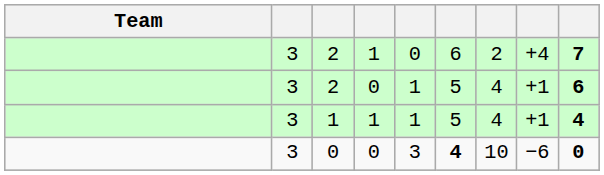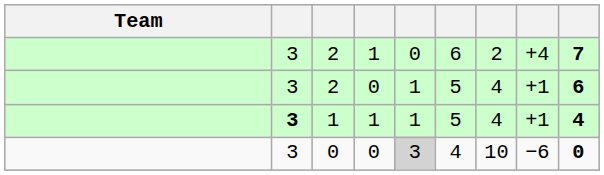 <table class="wikitable" style="text-align:center">
 <tr>
 <th width=165>Team</th>
 <th width=20></th>
 <th width=20></th>
 <th width=20></th>
 <th width=20></th>
 <th width=20></th>
 <th width=20></th>
 <th width=20></th>
 <th width=20></th>
 </tr>
 <tr style="background:#cfc;">
 <td align=left></td>
 <td>3</td>
 <td>2</td>
 <td>1</td>
 <td>0</td>
 <td>6</td>
 <td>2</td>
 <td>+4</td>
 <td><strong>7</strong></td>
 </tr>
 <tr style="background:#cfc;">
 <td align=left></td>
 <td>3</td>
 <td>2</td>
 <td>0</td>
 <td>1</td>
 <td>5</td>
 <td>4</td>
 <td>+1</td>
 <td><strong>6</strong></td>
 </tr>
 <tr style="background:#cfc;">
 <td align=left></td>
-<td>3</td>
+<td><strong>3</strong></td>
 <td>1</td>
 <td>1</td>
 <td>1</td>
 <td>5</td>
 <td>4</td>
 <td>+1</td>
 <td><strong>4</strong></td>
 </tr>
 <tr>
 <td align=left></td>
 <td>3</td>
 <td>0</td>
 <td>0</td>
-<td>3</td>
-<td><strong>4</strong></td>
+<td style="background: lightgrey;">3</td>
+<td>4</td>
 <td>10</td>
 <td>−6</td>
 <td><strong>0</strong></td>
 </tr>
 </table>
